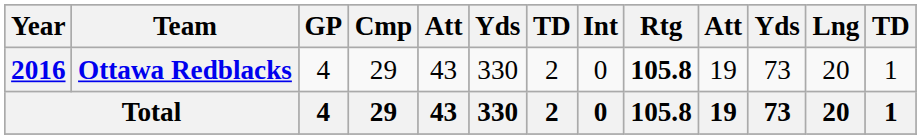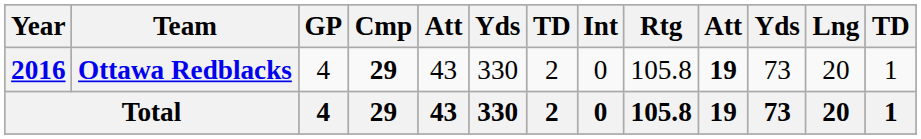 <table class="wikitable" style="text-align: center;">
 <tr>
 <th>Year</th>
 <th>Team</th>
 <th>GP</th>
 <th>Cmp</th>
 <th>Att</th>
 <th>Yds</th>
 <th>TD</th>
 <th>Int</th>
 <th>Rtg</th>
 <th>Att</th>
 <th>Yds</th>
 <th>Lng</th>
 <th>TD</th>
 </tr>
 <tr>
 <th><a href='#'>2016</a></th>
 <th><a href='#'>Ottawa Redblacks</a></th>
 <td>4</td>
-<td>29</td>
+<td><strong>29</strong></td>
 <td>43</td>
 <td>330</td>
 <td>2</td>
 <td>0</td>
-<td><strong>105.8</strong></td>
-<td>19</td>
+<td>105.8</td>
+<td><strong>19</strong></td>
 <td>73</td>
 <td>20</td>
 <td>1</td>
 </tr>
 <tr>
 <th colspan="2">Total</th>
 <th>4</th>
 <th>29</th>
 <th>43</th>
 <th>330</th>
 <th>2</th>
 <th>0</th>
 <th>105.8</th>
 <th>19</th>
 <th>73</th>
 <th>20</th>
 <th>1</th>
 </tr>
 </table>
